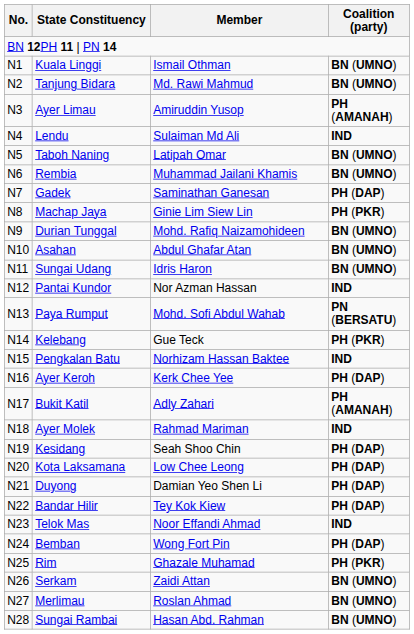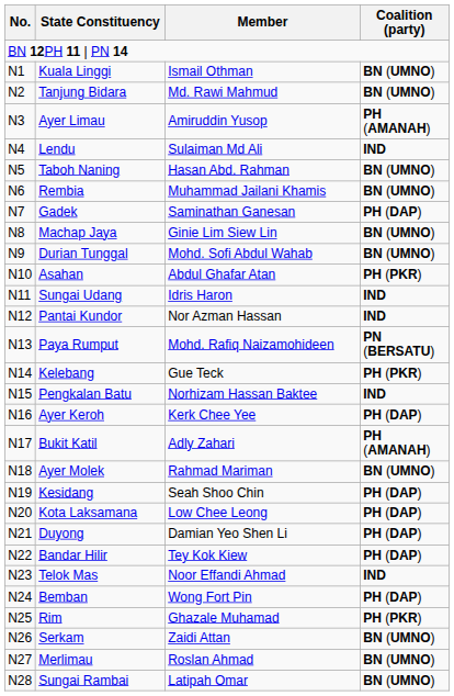 <table class="wikitable sortable">
 <tr>
 <th style="width:30px;">No.</th>
 <th style="width:150px;">State Constituency</th>
 <th style="width:230px;">Member</th>
 <th style="width:100px;">Coalition (party)</th>
 </tr>
 <tr>
 <td colspan="8"><a href='#'>BN</a> <strong>12</strong><a href='#'>PH</a> <strong>11</strong> | <a href='#'>PN</a> <strong>1</strong><strong>4</strong></td>
 </tr>
 <tr>
 <td>N1</td>
 <td><a href='#'>Kuala Linggi</a></td>
 <td><a href='#'>Ismail Othman</a></td>
 <td style="background:"><strong>BN</strong> (<strong>UMNO</strong>)</td>
 </tr>
 <tr>
 <td>N2</td>
 <td><a href='#'>Tanjung Bidara</a></td>
 <td><a href='#'>Md. Rawi Mahmud</a></td>
 <td style="background:"><strong>BN</strong> (<strong>UMNO</strong>)</td>
 </tr>
 <tr>
 <td>N3</td>
 <td><a href='#'>Ayer Limau</a></td>
 <td><a href='#'>Amiruddin Yusop</a></td>
 <td style="background:"><strong>PH</strong> (<strong>AMANAH</strong>)</td>
 </tr>
 <tr>
 <td>N4</td>
 <td><a href='#'>Lendu</a></td>
 <td><a href='#'>Sulaiman Md Ali</a></td>
 <td style="background:"><strong>IND</strong></td>
 </tr>
 <tr>
 <td>N5</td>
 <td><a href='#'>Taboh Naning</a></td>
-<td><a href='#'>Latipah Omar</a></td>
+<td><a href='#'>Hasan Abd. Rahman</a></td>
 <td style="background:"><strong>BN</strong> (<strong>UMNO</strong>)</td>
 </tr>
 <tr>
 <td>N6</td>
 <td><a href='#'>Rembia</a></td>
 <td><a href='#'>Muhammad Jailani Khamis</a></td>
 <td style="background:"><strong>BN</strong> (<strong>UMNO</strong>)</td>
 </tr>
 <tr>
 <td>N7</td>
 <td><a href='#'>Gadek</a></td>
 <td><a href='#'>Saminathan Ganesan</a></td>
 <td style="background:"><strong>PH</strong> (<strong>DAP</strong>)</td>
 </tr>
 <tr>
 <td>N8</td>
 <td><a href='#'>Machap Jaya</a></td>
 <td><a href='#'>Ginie Lim Siew Lin</a></td>
-<td style="background:"><strong>PH</strong> (<strong>PKR</strong>)</td>
+<td style="background:"><strong>BN</strong> (<strong>UMNO</strong>)</td>
 </tr>
 <tr>
 <td>N9</td>
 <td><a href='#'>Durian Tunggal</a></td>
-<td><a href='#'>Mohd. Rafiq Naizamohideen</a></td>
+<td><a href='#'>Mohd. Sofi Abdul Wahab</a></td>
 <td style="background:"><strong>BN</strong> (<strong>UMNO</strong>)</td>
 </tr>
 <tr>
 <td>N10</td>
 <td><a href='#'>Asahan</a></td>
 <td><a href='#'>Abdul Ghafar Atan</a></td>
-<td style="background:"><strong>BN</strong> (<strong>UMNO</strong>)</td>
+<td style="background:"><strong>PH</strong> (<strong>PKR</strong>)</td>
 </tr>
 <tr>
 <td>N11</td>
 <td><a href='#'>Sungai Udang</a></td>
 <td><a href='#'>Idris Haron</a></td>
-<td style="background:"><strong>BN</strong> (<strong>UMNO</strong>)</td>
+<td style="background:"><strong>IND</strong></td>
 </tr>
 <tr>
 <td>N12</td>
 <td><a href='#'>Pantai Kundor</a></td>
 <td>Nor Azman Hassan</td>
 <td style="background:"><strong>IND</strong></td>
 </tr>
 <tr>
 <td>N13</td>
 <td><a href='#'>Paya Rumput</a></td>
-<td><a href='#'>Mohd. Sofi Abdul Wahab</a></td>
+<td><a href='#'>Mohd. Rafiq Naizamohideen</a></td>
 <td style="background:"><strong>PN</strong> (<strong>BERSATU</strong>)</td>
 </tr>
 <tr>
 <td>N14</td>
 <td><a href='#'>Kelebang</a></td>
 <td>Gue Teck</td>
 <td style="background:"><strong>PH</strong> (<strong>PKR</strong>)</td>
 </tr>
 <tr>
 <td>N15</td>
 <td><a href='#'>Pengkalan Batu</a></td>
 <td><a href='#'>Norhizam Hassan Baktee</a></td>
 <td style="background:"><strong>IND</strong></td>
 </tr>
 <tr>
 <td>N16</td>
 <td><a href='#'>Ayer Keroh</a></td>
 <td><a href='#'>Kerk Chee Yee</a></td>
 <td style="background:"><strong>PH</strong> (<strong>DAP</strong>)</td>
 </tr>
 <tr>
 <td>N17</td>
 <td><a href='#'>Bukit Katil</a></td>
 <td><a href='#'>Adly Zahari</a></td>
 <td style="background:"><strong>PH</strong> (<strong>AMANAH</strong>)</td>
 </tr>
 <tr>
 <td>N18</td>
 <td><a href='#'>Ayer Molek</a></td>
 <td><a href='#'>Rahmad Mariman</a></td>
-<td style="background:"><strong>IND</strong></td>
+<td style="background:"><strong>BN</strong> (<strong>UMNO</strong>)</td>
 </tr>
 <tr>
 <td>N19</td>
 <td><a href='#'>Kesidang</a></td>
 <td>Seah Shoo Chin</td>
 <td style="background:"><strong>PH</strong> (<strong>DAP</strong>)</td>
 </tr>
 <tr>
 <td>N20</td>
 <td><a href='#'>Kota Laksamana</a></td>
 <td><a href='#'>Low Chee Leong</a></td>
 <td style="background:"><strong>PH</strong> (<strong>DAP</strong>)</td>
 </tr>
 <tr>
 <td>N21</td>
 <td><a href='#'>Duyong</a></td>
 <td>Damian Yeo Shen Li</td>
 <td style="background:"><strong>PH</strong> (<strong>DAP</strong>)</td>
 </tr>
 <tr>
 <td>N22</td>
 <td><a href='#'>Bandar Hilir</a></td>
 <td><a href='#'>Tey Kok Kiew</a></td>
 <td style="background:"><strong>PH</strong> (<strong>DAP</strong>)</td>
 </tr>
 <tr>
 <td>N23</td>
 <td><a href='#'>Telok Mas</a></td>
 <td><a href='#'>Noor Effandi Ahmad</a></td>
 <td style="background:"><strong>IND</strong></td>
 </tr>
 <tr>
 <td>N24</td>
 <td><a href='#'>Bemban</a></td>
 <td><a href='#'>Wong Fort Pin</a></td>
 <td style="background:"><strong>PH</strong> (<strong>DAP</strong>)</td>
 </tr>
 <tr>
 <td>N25</td>
 <td><a href='#'>Rim</a></td>
 <td><a href='#'>Ghazale Muhamad</a></td>
 <td style="background:"><strong>PH</strong> (<strong>PKR</strong>)</td>
 </tr>
 <tr>
 <td>N26</td>
 <td><a href='#'>Serkam</a></td>
 <td><a href='#'>Zaidi Attan</a></td>
 <td style="background:"><strong>BN</strong> (<strong>UMNO</strong>)</td>
 </tr>
 <tr>
 <td>N27</td>
 <td><a href='#'>Merlimau</a></td>
 <td><a href='#'>Roslan Ahmad</a></td>
 <td style="background:"><strong>BN</strong> (<strong>UMNO</strong>)</td>
 </tr>
 <tr>
 <td>N28</td>
 <td><a href='#'>Sungai Rambai</a></td>
-<td><a href='#'>Hasan Abd. Rahman</a></td>
+<td><a href='#'>Latipah Omar</a></td>
 <td style="background:"><strong>BN</strong> (<strong>UMNO</strong>)</td>
 </tr>
 </table>
